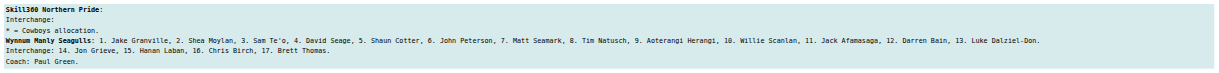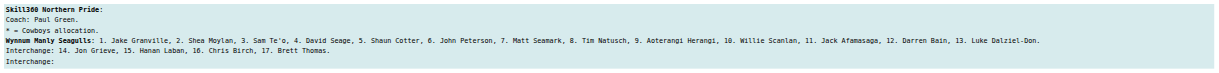 <table style="background:#d7ebed; font-size:85%; width:100%;">
 <tr>
 <td><strong>Skill360 Northern Pride</strong>:            </td>
 </tr>
 <tr>
-<td>Interchange:    </td>
+<td>Coach: Paul Green.</td>
 </tr>
 <tr>
 <td>* = Cowboys allocation.</td>
 </tr>
 <tr>
 <td><strong>Wynnum Manly Seagulls</strong>: 1. Jake Granville, 2. Shea Moylan, 3. Sam Te'o, 4. David Seage, 5. Shaun Cotter, 6. John Peterson, 7. Matt Seamark, 8. Tim Natusch, 9. Aoterangi Herangi, 10. Willie Scanlan, 11. Jack Afamasaga, 12. Darren Bain, 13. Luke Dalziel-Don.</td>
 </tr>
 <tr>
 <td>Interchange: 14. Jon Grieve, 15. Hanan Laban, 16. Chris Birch, 17. Brett Thomas.</td>
 </tr>
 <tr>
-<td>Coach: Paul Green.</td>
+<td>Interchange:    </td>
 </tr>
 <tr>
 </tr>
 </table>
